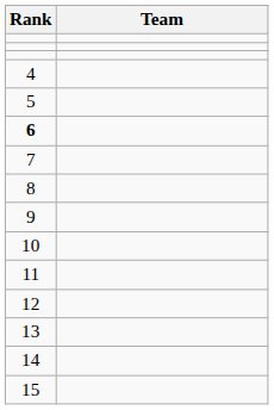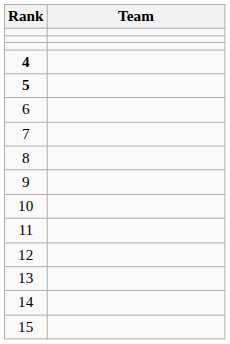 <table class=wikitable style="text-align:center;">
 <tr>
 <th>Rank</th>
 <th width=180>Team</th>
 </tr>
 <tr>
 <td></td>
 <td align=left></td>
 </tr>
 <tr>
 <td></td>
 <td align=left></td>
 </tr>
 <tr>
 <td></td>
 <td align=left></td>
 </tr>
 <tr>
-<td>4</td>
+<td><strong>4</strong></td>
 <td align=left></td>
 </tr>
 <tr>
-<td>5</td>
+<td><strong>5</strong></td>
 <td align=left></td>
 </tr>
 <tr>
-<td><strong>6</strong></td>
+<td>6</td>
 <td align=left></td>
 </tr>
 <tr>
 <td>7</td>
 <td align=left></td>
 </tr>
 <tr>
 <td>8</td>
 <td align=left></td>
 </tr>
 <tr>
 <td>9</td>
 <td align=left></td>
 </tr>
 <tr>
 <td>10</td>
 <td align=left></td>
 </tr>
 <tr>
 <td>11</td>
 <td align=left></td>
 </tr>
 <tr>
 <td>12</td>
 <td align=left></td>
 </tr>
 <tr>
 <td>13</td>
 <td align=left></td>
 </tr>
 <tr>
 <td>14</td>
 <td align=left></td>
 </tr>
 <tr>
 <td>15</td>
 <td align=left></td>
 </tr>
 </table>
